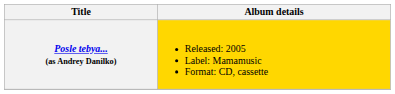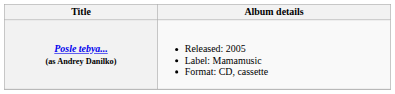 <table class="wikitable plainrowheaders" style="text-align:center;">
 <tr>
 <th scope="col" style="width:15em;">Title</th>
 <th scope="col" style="width:23em;">Album details</th>
 </tr>
 <tr>
 <th scope="row"><em><a href='#'>Posle tebya...</a></em><br><small>(as Andrey Danilko)</small></th>
-<td align=left style="background: gold;"><br><ul><li>Released: 2005</li><li>Label: Mamamusic</li><li>Format: CD, cassette</li></ul></td>
+<td align=left><br><ul><li>Released: 2005</li><li>Label: Mamamusic</li><li>Format: CD, cassette</li></ul></td>
 </tr>
 <tr>
 </tr>
 </table>
